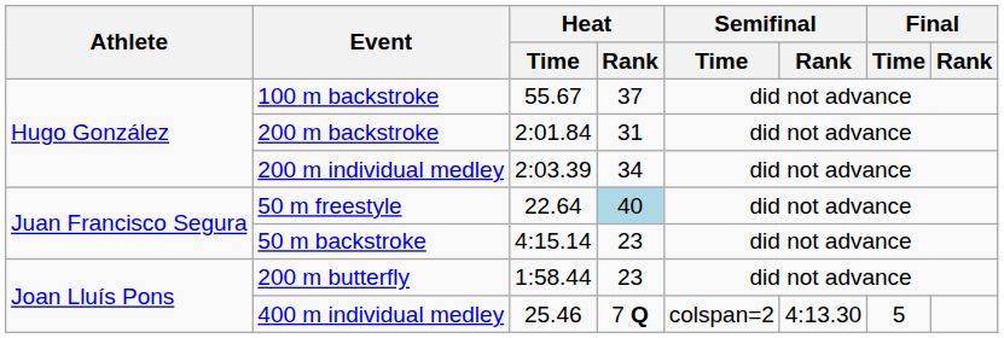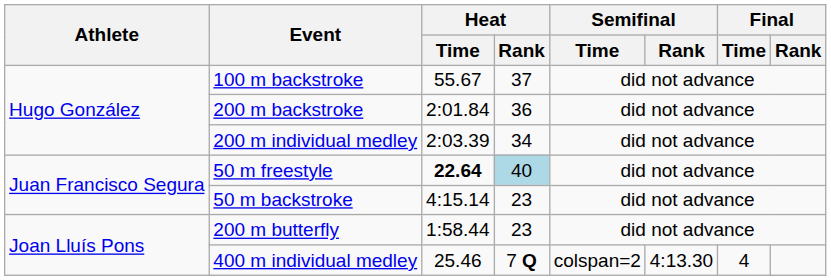 <table class="wikitable" style="font-size:90%;">
 <tr>
 <th rowspan="2">Athlete</th>
 <th rowspan="2">Event</th>
 <th colspan="2">Heat</th>
 <th colspan="2">Semifinal</th>
 <th colspan="2">Final</th>
 </tr>
 <tr>
 <th>Time</th>
 <th>Rank</th>
 <th>Time</th>
 <th>Rank</th>
 <th>Time</th>
 <th>Rank</th>
 </tr>
 <tr align=center>
 <td rowspan="3" align=left><a href='#'>Hugo González</a></td>
 <td align=left><a href='#'>100 m backstroke</a></td>
 <td>55.67</td>
 <td>37</td>
 <td colspan=4>did not advance</td>
 </tr>
 <tr align=center>
 <td align=left><a href='#'>200 m backstroke</a></td>
 <td>2:01.84</td>
-<td>31</td>
+<td>36</td>
 <td colspan=4>did not advance</td>
 </tr>
 <tr align=center>
 <td align=left><a href='#'>200 m individual medley</a></td>
 <td>2:03.39</td>
 <td>34</td>
 <td colspan=4>did not advance</td>
 </tr>
 <tr align=center>
 <td rowspan="2" align=left><a href='#'>Juan Francisco Segura</a></td>
 <td align=left><a href='#'>50 m freestyle</a></td>
-<td>22.64</td>
+<td><strong>22.64</strong></td>
 <td style="background: lightblue;">40</td>
 <td colspan=4>did not advance</td>
 </tr>
 <tr align=center>
 <td align=left><a href='#'>50 m backstroke</a></td>
 <td>4:15.14</td>
 <td>23</td>
 <td colspan=4>did not advance</td>
 </tr>
 <tr align=center>
 <td rowspan="2" align=left><a href='#'>Joan Lluís Pons</a></td>
 <td align=left><a href='#'>200 m butterfly</a></td>
 <td>1:58.44</td>
 <td>23</td>
 <td colspan=4>did not advance</td>
 </tr>
 <tr align=center>
 <td align=left><a href='#'>400 m individual medley</a></td>
 <td>25.46</td>
 <td>7 <strong>Q</strong></td>
 <td>colspan=2 </td>
 <td>4:13.30</td>
-<td>5</td>
+<td>4</td>
 </tr>
 </table>
